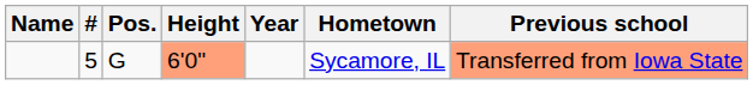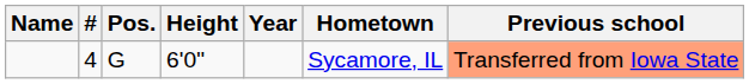 <table class="wikitable sortable" border="1">
 <tr>
 <th>Name</th>
 <th>#</th>
 <th>Pos.</th>
 <th>Height</th>
 <th>Year</th>
 <th>Hometown</th>
 <th class="unsortable">Previous school</th>
 </tr>
 <tr>
 <td></td>
-<td>5</td>
+<td>4</td>
 <td>G</td>
-<td style="background: lightsalmon;">6'0"</td>
+<td>6'0"</td>
 <td></td>
 <td><a href='#'>Sycamore, IL</a></td>
 <td style="background: lightsalmon;">Transferred from <a href='#'>Iowa State</a></td>
 </tr>
 </table>
